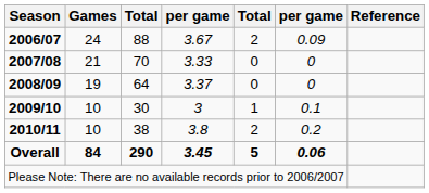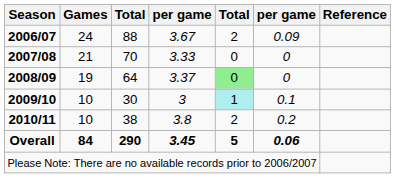 <table class="wikitable" style="text-align:center">
 <tr>
 <th>Season</th>
 <th>Games</th>
 <th>Total </th>
 <th> per game</th>
 <th>Total </th>
 <th> per game</th>
 <th>Reference</th>
 </tr>
 <tr>
 <td><strong>2006/07</strong></td>
 <td>24</td>
 <td>88</td>
 <td><em>3.67</em></td>
 <td>2</td>
 <td><em>0.09</em></td>
 <td></td>
 </tr>
 <tr>
 <td><strong>2007/08</strong></td>
 <td>21</td>
 <td>70</td>
 <td><em>3.33</em></td>
 <td>0</td>
 <td><em>0</em></td>
 <td></td>
 </tr>
 <tr>
 <td><strong>2008/09</strong></td>
 <td>19</td>
 <td>64</td>
 <td><em>3.37</em></td>
-<td>0</td>
+<td style="background: lightgreen;">0</td>
 <td><em>0</em></td>
 <td></td>
 </tr>
 <tr>
 <td><strong>2009/10</strong></td>
 <td>10</td>
 <td>30</td>
 <td><em>3</em></td>
-<td>1</td>
+<td style="background: paleturquoise;">1</td>
 <td><em>0.1</em></td>
 <td></td>
 </tr>
 <tr>
 <td><strong>2010/11</strong></td>
 <td>10</td>
 <td>38</td>
 <td><em>3.8</em></td>
 <td>2</td>
 <td><em>0.2</em></td>
 <td></td>
 </tr>
 <tr>
 <td><strong>Overall</strong></td>
 <td><strong>84</strong></td>
 <td><strong>290</strong></td>
 <td><strong><em>3.45</em></strong></td>
 <td><strong>5</strong></td>
 <td><strong><em>0.06</em></strong></td>
 <td></td>
 </tr>
 <tr>
 <td colspan="6" align="left"><small>Please Note: There are no available records prior to 2006/2007</small></td>
 </tr>
 </table>
